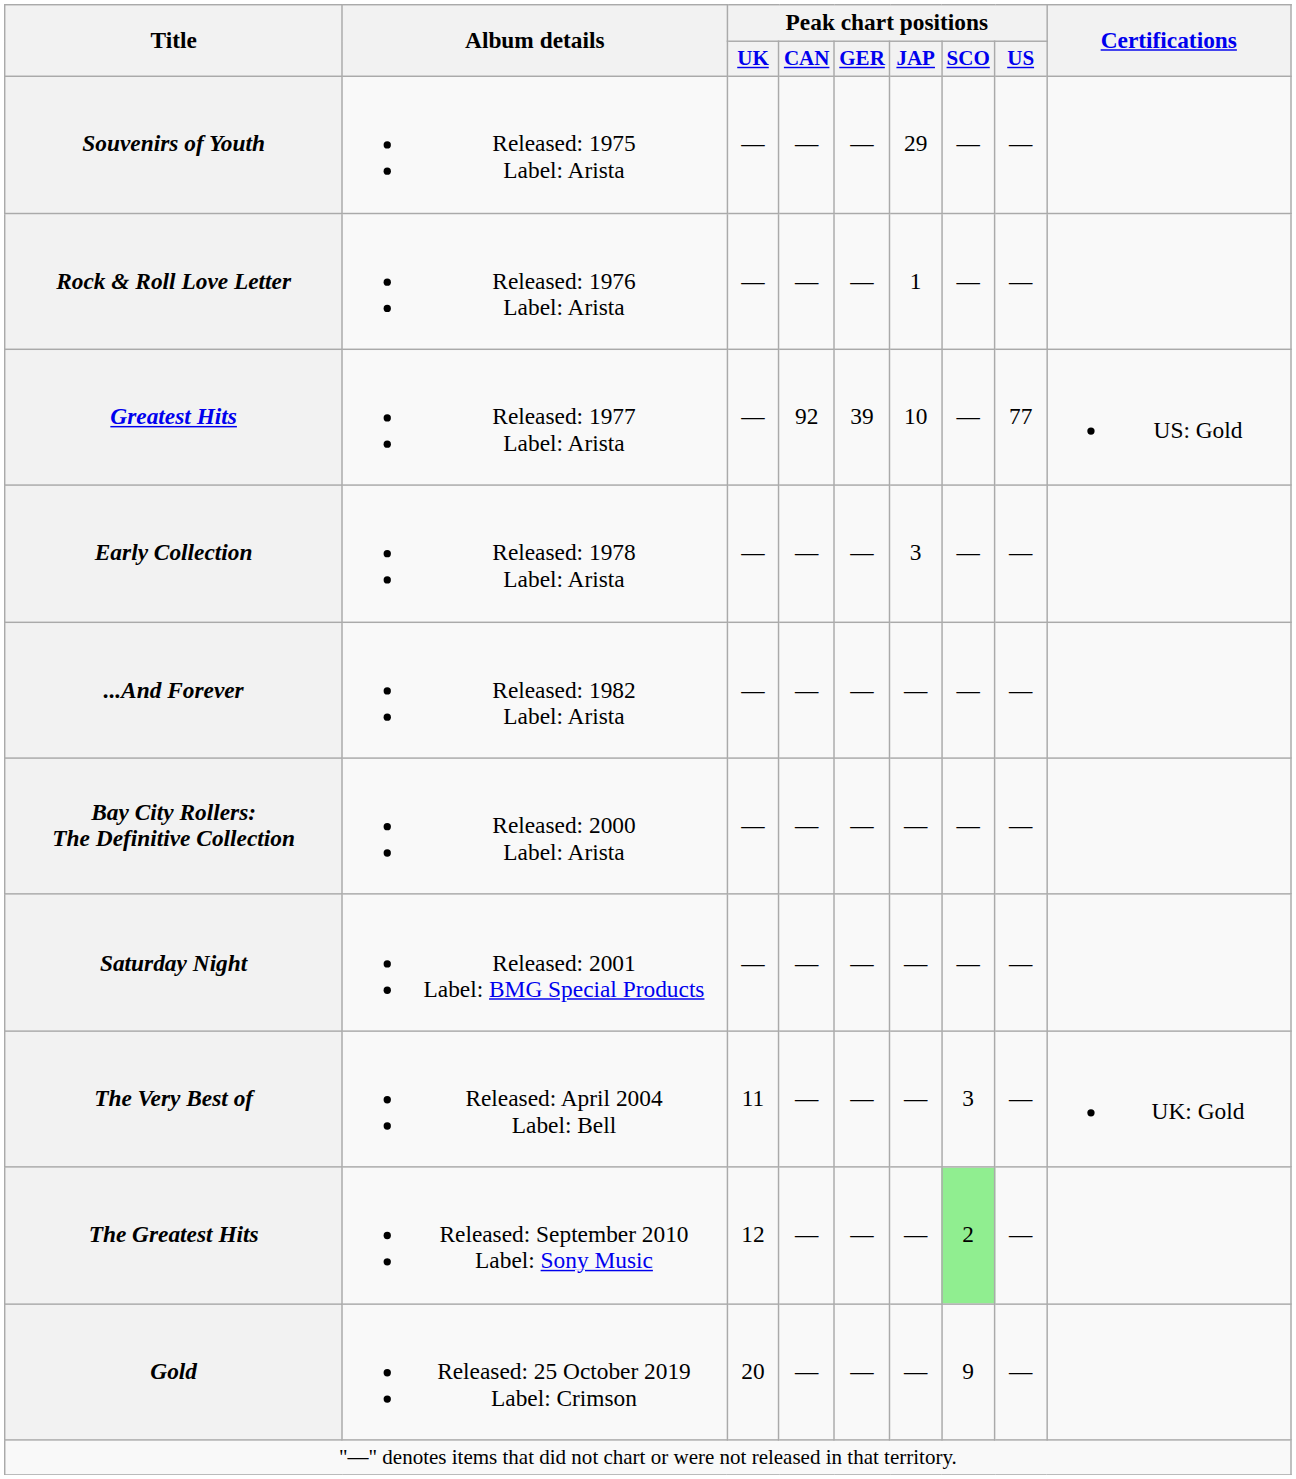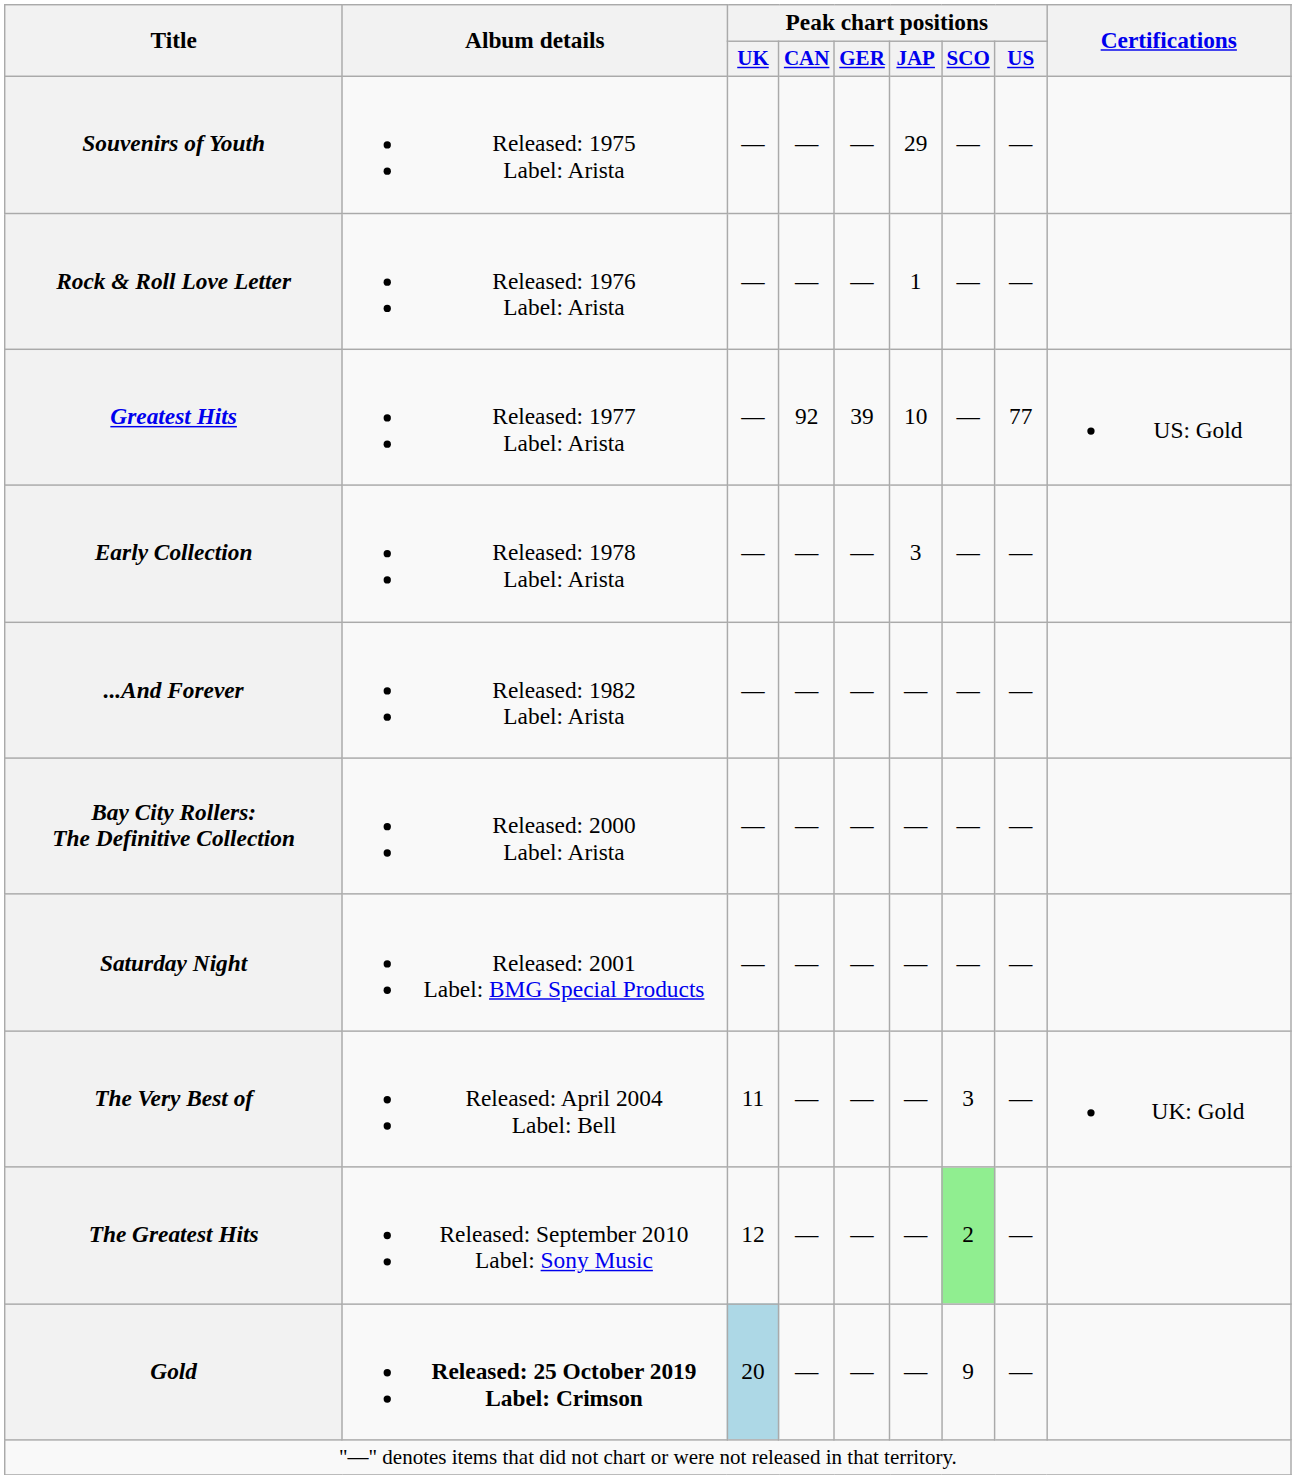 <table class="wikitable plainrowheaders" style="text-align:center;">
 <tr>
 <th scope="col" rowspan="2" style="width:14em;">Title</th>
 <th scope="col" rowspan="2" style="width:16em;">Album details</th>
 <th scope="col" colspan="6">Peak chart positions</th>
 <th rowspan="2" style="width:10em;"><a href='#'>Certifications</a></th>
 </tr>
 <tr>
 <th style="width:2em;font-size:90%;"><a href='#'>UK</a><br></th>
 <th style="width:2em;font-size:90%;"><a href='#'>CAN</a><br></th>
 <th style="width:2em;font-size:90%;"><a href='#'>GER</a><br></th>
 <th style="width:2em;font-size:90%;"><a href='#'>JAP</a><br></th>
 <th style="width:2em;font-size:90%;"><a href='#'>SCO</a><br></th>
 <th style="width:2em;font-size:90%;"><a href='#'>US</a><br></th>
 </tr>
 <tr>
 <th scope="row"><em>Souvenirs of Youth</em></th>
 <td><br><ul><li>Released: 1975</li><li>Label: Arista</li></ul></td>
 <td>—</td>
 <td>—</td>
 <td>—</td>
 <td>29</td>
 <td>—</td>
 <td>—</td>
 <td></td>
 </tr>
 <tr>
 <th scope="row"><em>Rock & Roll Love Letter</em></th>
 <td><br><ul><li>Released: 1976</li><li>Label: Arista</li></ul></td>
 <td>—</td>
 <td>—</td>
 <td>—</td>
 <td>1</td>
 <td>—</td>
 <td>—</td>
 <td></td>
 </tr>
 <tr>
 <th scope="row"><em><a href='#'>Greatest Hits</a></em></th>
 <td><br><ul><li>Released: 1977</li><li>Label: Arista</li></ul></td>
 <td>—</td>
 <td>92</td>
 <td>39</td>
 <td>10</td>
 <td>—</td>
 <td>77</td>
 <td><br><ul><li>US: Gold</li></ul></td>
 </tr>
 <tr>
 <th scope="row"><em>Early Collection</em></th>
 <td><br><ul><li>Released: 1978</li><li>Label: Arista</li></ul></td>
 <td>—</td>
 <td>—</td>
 <td>—</td>
 <td>3</td>
 <td>—</td>
 <td>—</td>
 <td></td>
 </tr>
 <tr>
 <th scope="row"><em>...And Forever</em></th>
 <td><br><ul><li>Released: 1982</li><li>Label: Arista</li></ul></td>
 <td>—</td>
 <td>—</td>
 <td>—</td>
 <td>—</td>
 <td>—</td>
 <td>—</td>
 <td></td>
 </tr>
 <tr>
 <th scope="row"><em>Bay City Rollers:<br>The Definitive Collection</em></th>
 <td><br><ul><li>Released: 2000</li><li>Label: Arista</li></ul></td>
 <td>—</td>
 <td>—</td>
 <td>—</td>
 <td>—</td>
 <td>—</td>
 <td>—</td>
 <td></td>
 </tr>
 <tr>
 <th scope="row"><em>Saturday Night</em></th>
 <td><br><ul><li>Released: 2001</li><li>Label: <a href='#'>BMG Special Products</a></li></ul></td>
 <td>—</td>
 <td>—</td>
 <td>—</td>
 <td>—</td>
 <td>—</td>
 <td>—</td>
 <td></td>
 </tr>
 <tr>
 <th scope="row"><em>The Very Best of</em></th>
 <td><br><ul><li>Released: April 2004</li><li>Label: Bell</li></ul></td>
 <td>11</td>
 <td>—</td>
 <td>—</td>
 <td>—</td>
 <td>3</td>
 <td>—</td>
 <td><br><ul><li>UK: Gold</li></ul></td>
 </tr>
 <tr>
 <th scope="row"><em>The Greatest Hits</em></th>
 <td><br><ul><li>Released: September 2010</li><li>Label: <a href='#'>Sony Music</a></li></ul></td>
 <td>12</td>
 <td>—</td>
 <td>—</td>
 <td>—</td>
 <td style="background: lightgreen;">2</td>
 <td>—</td>
 <td></td>
 </tr>
 <tr>
 <th scope="row"><em>Gold</em></th>
-<td><br><ul><li>Released: 25 October 2019</li><li>Label: Crimson</li></ul></td>
-<td>20</td>
+<td><strong><br><ul><li>Released: 25 October 2019</li><li>Label: Crimson</li></ul></strong></td>
+<td style="background: lightblue;">20</td>
 <td>—</td>
 <td>—</td>
 <td>—</td>
 <td>9</td>
 <td>—</td>
 <td></td>
 </tr>
 <tr>
 <td align="center" colspan="15" style="font-size:90%">"—" denotes items that did not chart or were not released in that territory.</td>
 </tr>
 </table>
